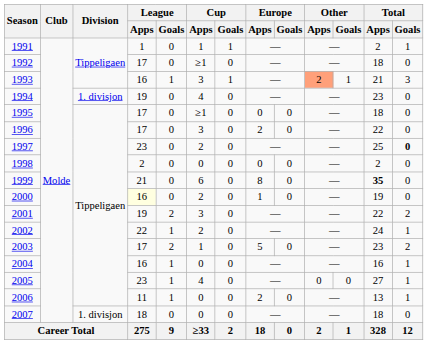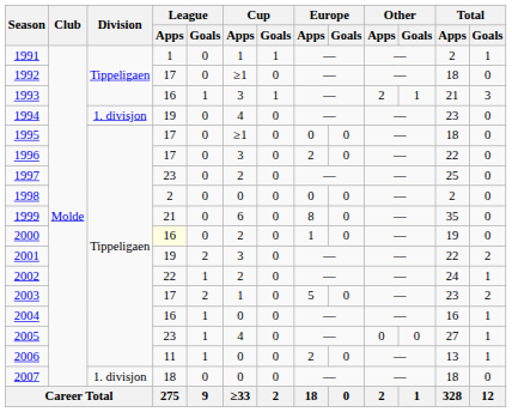 <table class="wikitable" style="text-align: center;">
 <tr>
 <th rowspan="2">Season</th>
 <th rowspan="2">Club</th>
 <th rowspan="2">Division</th>
 <th colspan="2">League</th>
 <th colspan="2">Cup</th>
 <th colspan="2">Europe</th>
 <th colspan="2">Other</th>
 <th colspan="2">Total</th>
 </tr>
 <tr>
 <th>Apps</th>
 <th>Goals</th>
 <th>Apps</th>
 <th>Goals</th>
 <th>Apps</th>
 <th>Goals</th>
 <th>Apps</th>
 <th>Goals</th>
 <th>Apps</th>
 <th>Goals</th>
 </tr>
 <tr>
 <td><a href='#'>1991</a></td>
 <td rowspan="17" valign="center"><a href='#'>Molde</a></td>
 <td rowspan="3" valign="center"><a href='#'>Tippeligaen</a></td>
 <td>1</td>
 <td>0</td>
 <td>1</td>
 <td>1</td>
 <td colspan="2">—</td>
 <td colspan="2">—</td>
 <td>2</td>
 <td>1</td>
 </tr>
 <tr>
 <td><a href='#'>1992</a></td>
 <td>17</td>
 <td>0</td>
 <td>≥1</td>
 <td>0</td>
 <td colspan="2">—</td>
 <td colspan="2">—</td>
 <td>18</td>
 <td>0</td>
 </tr>
 <tr>
 <td><a href='#'>1993</a></td>
 <td>16</td>
 <td>1</td>
 <td>3</td>
 <td>1</td>
 <td colspan="2">—</td>
-<td style="background: lightsalmon;">2</td>
+<td>2</td>
 <td>1</td>
 <td>21</td>
 <td>3</td>
 </tr>
 <tr>
 <td><a href='#'>1994</a></td>
 <td rowspan="1"><a href='#'>1. divisjon</a></td>
 <td>19</td>
 <td>0</td>
 <td>4</td>
 <td>0</td>
 <td colspan="2">—</td>
 <td colspan="2">—</td>
 <td>23</td>
 <td>0</td>
 </tr>
 <tr>
 <td><a href='#'>1995</a></td>
 <td rowspan="12" valign="center">Tippeligaen</td>
 <td>17</td>
 <td>0</td>
 <td>≥1</td>
 <td>0</td>
 <td>0</td>
 <td>0</td>
 <td colspan="2">—</td>
 <td>18</td>
 <td>0</td>
 </tr>
 <tr>
 <td><a href='#'>1996</a></td>
 <td>17</td>
 <td>0</td>
 <td>3</td>
 <td>0</td>
 <td>2</td>
 <td>0</td>
 <td colspan="2">—</td>
 <td>22</td>
 <td>0</td>
 </tr>
 <tr>
 <td><a href='#'>1997</a></td>
 <td>23</td>
 <td>0</td>
 <td>2</td>
 <td>0</td>
 <td colspan="2">—</td>
 <td colspan="2">—</td>
 <td>25</td>
-<td><strong>0</strong></td>
+<td>0</td>
 </tr>
 <tr>
 <td><a href='#'>1998</a></td>
 <td>2</td>
 <td>0</td>
 <td>0</td>
 <td>0</td>
 <td>0</td>
 <td>0</td>
 <td colspan="2">—</td>
 <td>2</td>
 <td>0</td>
 </tr>
 <tr>
 <td><a href='#'>1999</a></td>
 <td>21</td>
 <td>0</td>
 <td>6</td>
 <td>0</td>
 <td>8</td>
 <td>0</td>
 <td colspan="2">—</td>
-<td><strong>35</strong></td>
+<td>35</td>
 <td>0</td>
 </tr>
 <tr>
 <td><a href='#'>2000</a></td>
 <td style="background: lightyellow;">16</td>
 <td>0</td>
 <td>2</td>
 <td>0</td>
 <td>1</td>
 <td>0</td>
 <td colspan="2">—</td>
 <td>19</td>
 <td>0</td>
 </tr>
 <tr>
 <td><a href='#'>2001</a></td>
 <td>19</td>
 <td>2</td>
 <td>3</td>
 <td>0</td>
 <td colspan="2">—</td>
 <td colspan="2">—</td>
 <td>22</td>
 <td>2</td>
 </tr>
 <tr>
 <td><a href='#'>2002</a></td>
 <td>22</td>
 <td>1</td>
 <td>2</td>
 <td>0</td>
 <td colspan="2">—</td>
 <td colspan="2">—</td>
 <td>24</td>
 <td>1</td>
 </tr>
 <tr>
 <td><a href='#'>2003</a></td>
 <td>17</td>
 <td>2</td>
 <td>1</td>
 <td>0</td>
 <td>5</td>
 <td>0</td>
 <td colspan="2">—</td>
 <td>23</td>
 <td>2</td>
 </tr>
 <tr>
 <td><a href='#'>2004</a></td>
 <td>16</td>
 <td>1</td>
 <td>0</td>
 <td>0</td>
 <td colspan="2">—</td>
 <td colspan="2">—</td>
 <td>16</td>
 <td>1</td>
 </tr>
 <tr>
 <td><a href='#'>2005</a></td>
 <td>23</td>
 <td>1</td>
 <td>4</td>
 <td>0</td>
 <td colspan="2">—</td>
 <td>0</td>
 <td>0</td>
 <td>27</td>
 <td>1</td>
 </tr>
 <tr>
 <td><a href='#'>2006</a></td>
 <td>11</td>
 <td>1</td>
 <td>0</td>
 <td>0</td>
 <td>2</td>
 <td>0</td>
 <td colspan="2">—</td>
 <td>13</td>
 <td>1</td>
 </tr>
 <tr>
 <td><a href='#'>2007</a></td>
 <td rowspan="1" valign="center">1. divisjon</td>
 <td>18</td>
 <td>0</td>
 <td>0</td>
 <td>0</td>
 <td colspan="2">—</td>
 <td colspan="2">—</td>
 <td>18</td>
 <td>0</td>
 </tr>
 <tr>
 <th colspan="3">Career Total</th>
 <th>275</th>
 <th>9</th>
 <th>≥33</th>
 <th>2</th>
 <th>18</th>
 <th>0</th>
 <th>2</th>
 <th>1</th>
 <th>328</th>
 <th>12</th>
 </tr>
 </table>
